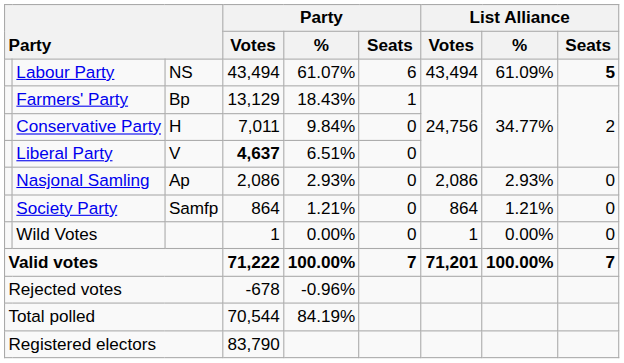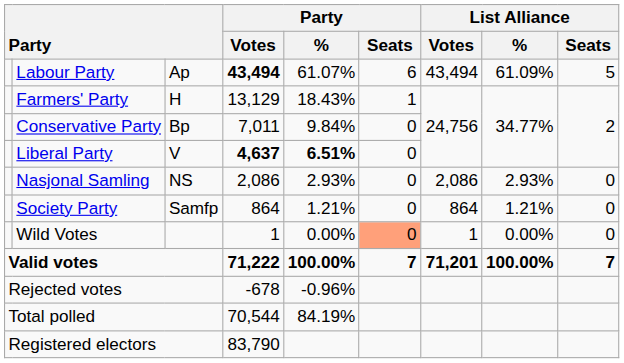 <table class="wikitable" border="1" style="text-align:right;">
 <tr>
 <th style="text-align:left;" valign=bottom rowspan=2 colspan=3>Party</th>
 <th colspan=3>Party</th>
 <th colspan=3>List Alliance</th>
 </tr>
 <tr>
 <th align=center valign=bottom width="50">Votes</th>
 <th align=center valign=bottom width="50">%</th>
 <th align=center valign=bottom width="50">Seats</th>
 <th align=center valign=bottom width="50">Votes</th>
 <th align=center valign=bottom width="50">%</th>
 <th align=center valign=bottom width="50">Seats</th>
 </tr>
 <tr>
 <td style="color:inherit;background:"></td>
 <td align=left><a href='#'>Labour Party</a></td>
-<td align=left>NS</td>
-<td>43,494</td>
+<td align=left>Ap</td>
+<td><strong>43,494</strong></td>
 <td>61.07%</td>
 <td>6</td>
 <td>43,494</td>
 <td>61.09%</td>
-<td><strong>5</strong></td>
+<td>5</td>
 </tr>
 <tr>
 <td style="color:inherit;background:"></td>
 <td align=left><a href='#'>Farmers' Party</a></td>
-<td align=left>Bp</td>
+<td align=left>H</td>
 <td>13,129</td>
 <td>18.43%</td>
 <td>1</td>
 <td rowspan=3>24,756</td>
 <td rowspan=3>34.77%</td>
 <td rowspan=3>2</td>
 </tr>
 <tr>
 <td style="color:inherit;background:"></td>
 <td align=left><a href='#'>Conservative Party</a></td>
-<td align=left>H</td>
+<td align=left>Bp</td>
 <td>7,011</td>
 <td>9.84%</td>
 <td>0</td>
 </tr>
 <tr>
 <td style="color:inherit;background:"></td>
 <td align=left><a href='#'>Liberal Party</a></td>
 <td align=left>V</td>
 <td><strong>4,637</strong></td>
-<td>6.51%</td>
+<td><strong>6.51%</strong></td>
 <td>0</td>
 </tr>
 <tr>
 <td style="color:inherit;background:"></td>
 <td align=left><a href='#'>Nasjonal Samling</a></td>
-<td align=left>Ap</td>
+<td align=left>NS</td>
 <td>2,086</td>
 <td>2.93%</td>
 <td>0</td>
 <td>2,086</td>
 <td>2.93%</td>
 <td>0</td>
 </tr>
 <tr>
 <td></td>
 <td align=left><a href='#'>Society Party</a></td>
 <td align=left>Samfp</td>
 <td>864</td>
 <td>1.21%</td>
 <td>0</td>
 <td>864</td>
 <td>1.21%</td>
 <td>0</td>
 </tr>
 <tr>
 <td></td>
 <td align=left>Wild Votes</td>
 <td align=left></td>
 <td>1</td>
 <td>0.00%</td>
-<td>0</td>
+<td style="background: lightsalmon;">0</td>
 <td>1</td>
 <td>0.00%</td>
 <td>0</td>
 </tr>
 <tr style="font-weight:bold">
 <td align=left colspan=3>Valid votes</td>
 <td>71,222</td>
 <td>100.00%</td>
 <td>7</td>
 <td>71,201</td>
 <td>100.00%</td>
 <td>7</td>
 </tr>
 <tr>
 <td align=left colspan=3>Rejected votes</td>
 <td>-678</td>
 <td>-0.96%</td>
 <td></td>
 <td></td>
 <td></td>
 <td></td>
 </tr>
 <tr>
 <td align=left colspan=3>Total polled</td>
 <td>70,544</td>
 <td>84.19%</td>
 <td></td>
 <td></td>
 <td></td>
 <td></td>
 </tr>
 <tr>
 <td align=left colspan=3>Registered electors</td>
 <td>83,790</td>
 <td></td>
 <td></td>
 <td></td>
 <td></td>
 <td></td>
 </tr>
 </table>
